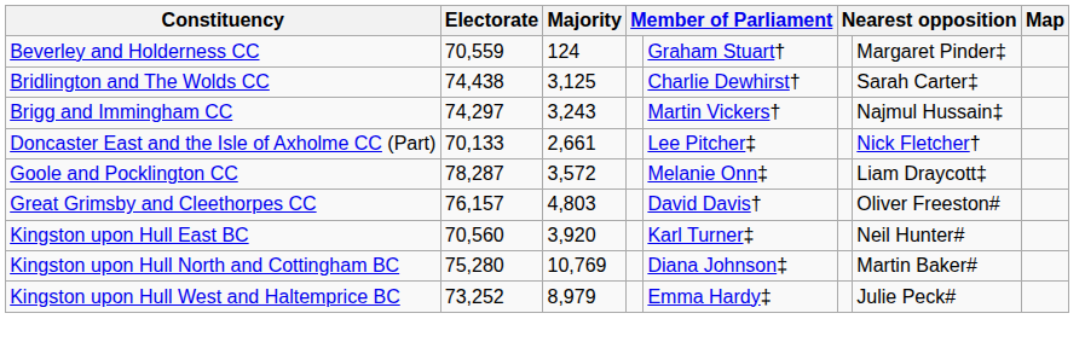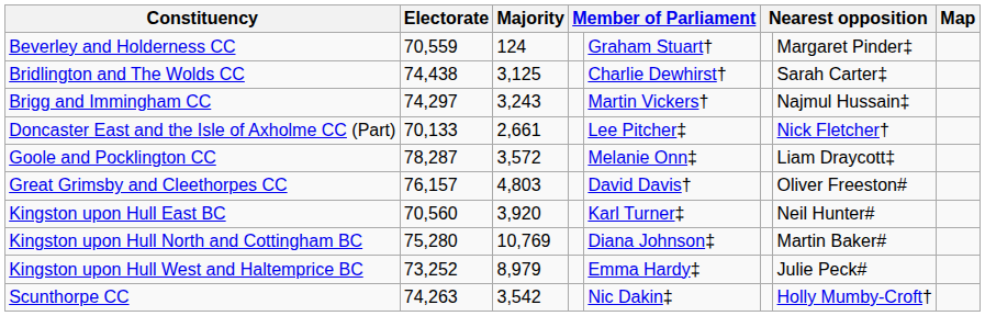 <table class="wikitable sortable">
 <tr>
 <th rowspan=1>Constituency</th>
 <th rowspan=1>Electorate</th>
 <th rowspan=1>Majority</th>
 <th colspan=2 class=unsortable><a href='#'>Member of Parliament</a></th>
 <th colspan=2 class=unsortable>Nearest opposition</th>
 <th rowspan=1 class=unsortable>Map</th>
 </tr>
 <tr>
 <td><a href='#'>Beverley and Holderness CC</a></td>
 <td>70,559</td>
 <td>124</td>
 <td style="color:inherit;background:"> </td>
 <td><a href='#'>Graham Stuart</a>†</td>
 <td style="color:inherit;background:"> </td>
 <td>Margaret Pinder‡</td>
 <td></td>
 </tr>
 <tr>
 <td><a href='#'>Bridlington and The Wolds CC</a></td>
 <td>74,438</td>
 <td>3,125</td>
 <td style="color:inherit;background:"> </td>
 <td><a href='#'>Charlie Dewhirst</a>†</td>
 <td style="color:inherit;background:"> </td>
 <td>Sarah Carter‡</td>
 <td></td>
 </tr>
 <tr>
 <td><a href='#'>Brigg and Immingham CC</a></td>
 <td>74,297</td>
 <td>3,243</td>
 <td style="color:inherit;background:"> </td>
 <td><a href='#'>Martin Vickers</a>†</td>
 <td style="color:inherit;background:"> </td>
 <td>Najmul Hussain‡</td>
 <td></td>
 </tr>
 <tr>
 <td><a href='#'>Doncaster East and the Isle of Axholme CC</a> (Part)</td>
 <td>70,133</td>
 <td>2,661</td>
 <td style="color:inherit;background:"> </td>
 <td><a href='#'>Lee Pitcher</a>‡</td>
 <td style="color:inherit;background:"> </td>
 <td><a href='#'>Nick Fletcher</a>†</td>
 <td></td>
 </tr>
 <tr>
 <td><a href='#'>Goole and Pocklington CC</a></td>
 <td>78,287</td>
 <td>3,572</td>
 <td style="color:inherit;background:"> </td>
 <td><a href='#'>Melanie Onn</a>‡</td>
 <td style="color:inherit;background:"> </td>
 <td>Liam Draycott‡</td>
 <td></td>
 </tr>
 <tr>
 <td><a href='#'>Great Grimsby and Cleethorpes CC</a></td>
 <td>76,157</td>
 <td>4,803</td>
 <td style="color:inherit;background:"> </td>
 <td><a href='#'>David Davis</a>†</td>
 <td style="color:inherit;background:"> </td>
 <td>Oliver Freeston#</td>
 <td></td>
 </tr>
 <tr>
 <td><a href='#'>Kingston upon Hull East BC</a></td>
 <td>70,560</td>
 <td>3,920</td>
 <td style="color:inherit;background:"> </td>
 <td><a href='#'>Karl Turner</a>‡</td>
 <td style="color:inherit;background:"> </td>
 <td>Neil Hunter#</td>
 <td></td>
 </tr>
 <tr>
 <td><a href='#'>Kingston upon Hull North and Cottingham BC</a></td>
 <td>75,280</td>
 <td>10,769</td>
 <td style="color:inherit;background:"> </td>
 <td><a href='#'>Diana Johnson</a>‡</td>
 <td style="color:inherit;background:"> </td>
 <td>Martin Baker#</td>
 <td></td>
 </tr>
 <tr>
 <td><a href='#'>Kingston upon Hull West and Haltemprice BC</a></td>
 <td>73,252</td>
 <td>8,979</td>
 <td style="color:inherit;background:"> </td>
 <td><a href='#'>Emma Hardy</a>‡</td>
 <td style="color:inherit;background:"> </td>
 <td>Julie Peck#</td>
 <td></td>
 </tr>
+<tr>
+<td><a href='#'>Scunthorpe CC</a></td>
+<td>74,263</td>
+<td>3,542</td>
+<td style="color:inherit;background:"> </td>
+<td><a href='#'>Nic Dakin</a>‡</td>
+<td style="color:inherit;background:"> </td>
+<td><a href='#'>Holly Mumby-Croft</a>†</td>
+<td></td>
+</tr>
 </table>
